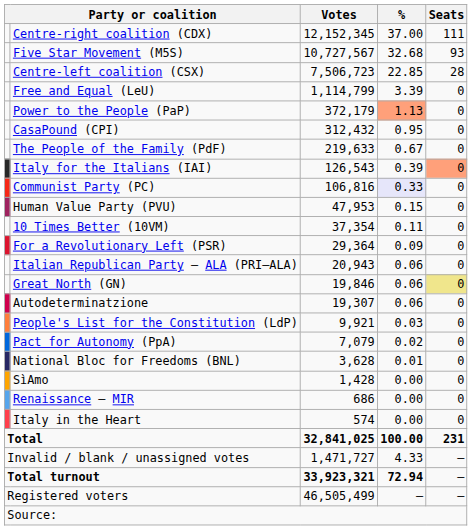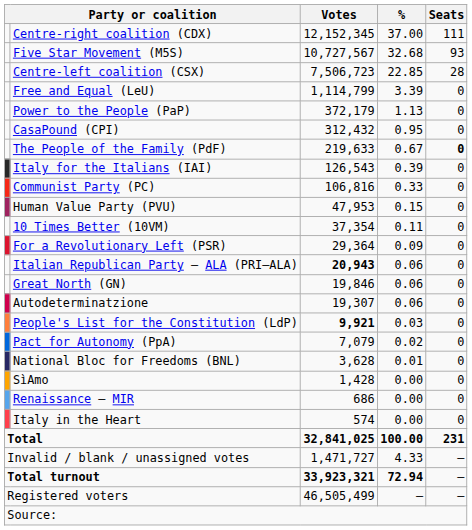 <table class="wikitable" style="text-align:right">
 <tr>
 <th colspan=2>Party or coalition</th>
 <th>Votes</th>
 <th>%</th>
 <th>Seats</th>
 </tr>
 <tr>
 <td></td>
 <td style="text-align:left;"><a href='#'>Centre-right coalition</a> (CDX)</td>
 <td style="text-align:right;">12,152,345</td>
 <td style="text-align:right;">37.00</td>
 <td style="text-align:right;">111</td>
 </tr>
 <tr>
 <td></td>
 <td style="text-align:left;"><a href='#'>Five Star Movement</a> (M5S)</td>
 <td style="text-align:right;">10,727,567</td>
 <td style="text-align:right;">32.68</td>
 <td style="text-align:right;">93</td>
 </tr>
 <tr>
 <td></td>
 <td style="text-align:left;"><a href='#'>Centre-left coalition</a> (CSX)</td>
 <td style="text-align:right;">7,506,723</td>
 <td style="text-align:right;">22.85</td>
 <td style="text-align:right;">28</td>
 </tr>
 <tr>
 <td></td>
 <td style="text-align:left;"><a href='#'>Free and Equal</a> (LeU)</td>
 <td style="text-align:right;">1,114,799</td>
 <td style="text-align:right;">3.39</td>
 <td style="text-align:right;">0</td>
 </tr>
 <tr>
 <td></td>
 <td style="text-align:left;"><a href='#'>Power to the People</a> (PaP)</td>
 <td style="text-align:right;">372,179</td>
-<td style="background: lightsalmon; text-align:right;">1.13</td>
+<td style="text-align:right;">1.13</td>
 <td style="text-align:right;">0</td>
 </tr>
 <tr>
 <td></td>
 <td style="text-align:left;"><a href='#'>CasaPound</a> (CPI)</td>
 <td style="text-align:right;">312,432</td>
 <td style="text-align:right;">0.95</td>
 <td style="text-align:right;">0</td>
 </tr>
 <tr>
 <td style="background:"></td>
 <td style="text-align:left;"><a href='#'>The People of the Family</a> (PdF)</td>
 <td style="text-align:right;">219,633</td>
 <td style="text-align:right;">0.67</td>
-<td style="text-align:right;">0</td>
+<td style="text-align:right;"><strong>0</strong></td>
 </tr>
 <tr>
 <td style="background:#282828;"></td>
 <td style="text-align:left;"><a href='#'>Italy for the Italians</a> (IAI)</td>
 <td style="text-align:right;">126,543</td>
 <td style="text-align:right;">0.39</td>
-<td style="background: lightsalmon; text-align:right;">0</td>
+<td style="text-align:right;">0</td>
 </tr>
 <tr>
 <td style="background:#f62817;"></td>
 <td style="text-align:left;"><a href='#'>Communist Party</a> (PC)</td>
 <td style="text-align:right;">106,816</td>
-<td style="background: lavender; text-align:right;">0.33</td>
+<td style="text-align:right;">0.33</td>
 <td style="text-align:right;">0</td>
 </tr>
 <tr>
 <td style="background:#9F235F;"></td>
 <td style="text-align:left;">Human Value Party (PVU)</td>
 <td style="text-align:right;">47,953</td>
 <td style="text-align:right;">0.15</td>
 <td style="text-align:right;">0</td>
 </tr>
 <tr>
 <td></td>
 <td style="text-align:left;"><a href='#'>10 Times Better</a> (10VM)</td>
 <td style="text-align:right;">37,354</td>
 <td style="text-align:right;">0.11</td>
 <td style="text-align:right;">0</td>
 </tr>
 <tr>
 <td style="background:#dc142f;"></td>
 <td style="text-align:left;"><a href='#'>For a Revolutionary Left</a> (PSR)</td>
 <td style="text-align:right;">29,364</td>
 <td style="text-align:right;">0.09</td>
 <td style="text-align:right;">0</td>
 </tr>
 <tr>
 <td></td>
 <td style="text-align:left;"><a href='#'>Italian Republican Party</a> – <a href='#'>ALA</a> (PRI–ALA)</td>
-<td style="text-align:right;">20,943</td>
+<td style="text-align:right;"><strong>20,943</strong></td>
 <td style="text-align:right;">0.06</td>
 <td style="text-align:right;">0</td>
 </tr>
 <tr>
 <td style="background:"></td>
 <td style="text-align:left;"><a href='#'>Great North</a> (GN)</td>
 <td style="text-align:right;">19,846</td>
 <td style="text-align:right;">0.06</td>
-<td style="background: khaki; text-align:right;">0</td>
+<td style="text-align:right;">0</td>
 </tr>
 <tr>
 <td style="background:#D0004D;"></td>
 <td style="text-align:left;">Autodeterminatzione</td>
 <td style="text-align:right;">19,307</td>
 <td style="text-align:right;">0.06</td>
 <td style="text-align:right;">0</td>
 </tr>
 <tr>
 <td style="background:#ff7e3b;"></td>
 <td style="text-align:left;"><a href='#'>People's List for the Constitution</a> (LdP)</td>
-<td style="text-align:right;">9,921</td>
+<td style="text-align:right;"><strong>9,921</strong></td>
 <td style="text-align:right;">0.03</td>
 <td style="text-align:right;">0</td>
 </tr>
 <tr>
 <td style="background:#0067DC;"></td>
 <td style="text-align:left;"><a href='#'>Pact for Autonomy</a> (PpA)</td>
 <td style="text-align:right;">7,079</td>
 <td style="text-align:right;">0.02</td>
 <td style="text-align:right;">0</td>
 </tr>
 <tr>
 <td style="background:#272764;"></td>
 <td style="text-align:left;">National Bloc for Freedoms (BNL)</td>
 <td style="text-align:right;">3,628</td>
 <td style="text-align:right;">0.01</td>
 <td style="text-align:right;">0</td>
 </tr>
 <tr>
 <td style="background:orange;"></td>
 <td style="text-align:left;">SìAmo</td>
 <td style="text-align:right;">1,428</td>
 <td style="text-align:right;">0.00</td>
 <td style="text-align:right;">0</td>
 </tr>
 <tr>
 <td style="background:#56A5EC;"></td>
 <td style="text-align:left;"><a href='#'>Renaissance</a> – <a href='#'>MIR</a></td>
 <td style="text-align:right;">686</td>
 <td style="text-align:right;">0.00</td>
 <td style="text-align:right;">0</td>
 </tr>
 <tr>
 <td style="background:#FF3F4C;"></td>
 <td style="text-align:left;">Italy in the Heart</td>
 <td style="text-align:right;">574</td>
 <td style="text-align:right;">0.00</td>
 <td style="text-align:right;">0</td>
 </tr>
 <tr>
 <td style="text-align:left;" colspan="2"><strong>Total</strong></td>
 <td style="text-align:right;"><strong>32,841,025</strong></td>
 <td style="text-align:right;"><strong>100.00</strong></td>
 <td style="text-align:right;"><strong>231</strong></td>
 </tr>
 <tr>
 <td style="text-align:left;" colspan="2">Invalid / blank / unassigned votes</td>
 <td>1,471,727</td>
 <td>4.33</td>
 <td>–</td>
 </tr>
 <tr>
 <td style="text-align:left;" colspan="2"><strong>Total turnout</strong></td>
 <td><strong>33,923,321</strong></td>
 <td><strong>72.94</strong></td>
 <td>–</td>
 </tr>
 <tr>
 <td style="text-align:left;" colspan="2">Registered voters</td>
 <td>46,505,499</td>
 <td>–</td>
 <td>–</td>
 </tr>
 <tr>
 <td style="text-align:left;" colspan="7">Source: </td>
 </tr>
 </table>
